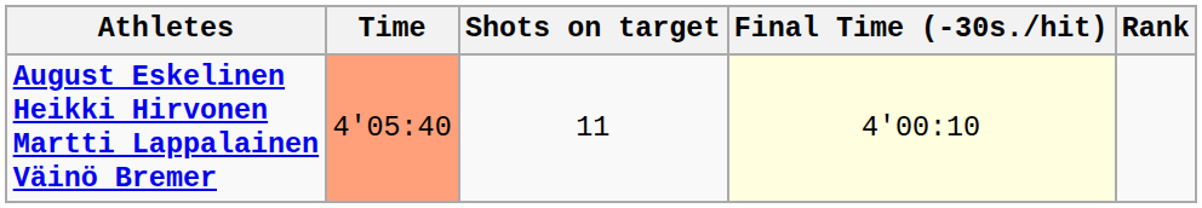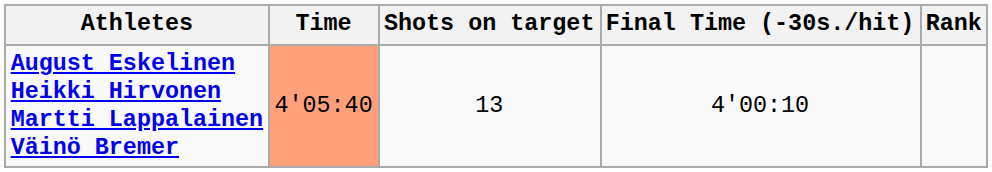 <table class="wikitable" style="font-size:90%">
 <tr>
 <th>Athletes</th>
 <th>Time</th>
 <th>Shots on target</th>
 <th>Final Time (-30s./hit)</th>
 <th>Rank</th>
 </tr>
 <tr>
 <td><strong><a href='#'>August Eskelinen</a><br><a href='#'>Heikki Hirvonen</a><br><a href='#'>Martti Lappalainen</a><br><a href='#'>Väinö Bremer</a></strong></td>
 <td align="center" style="background: lightsalmon;">4'05:40</td>
-<td align="center">11</td>
-<td align="center" style="background: lightyellow;">4'00:10</td>
+<td align="center">13</td>
+<td align="center">4'00:10</td>
 <td align="center"></td>
 </tr>
 </table>
